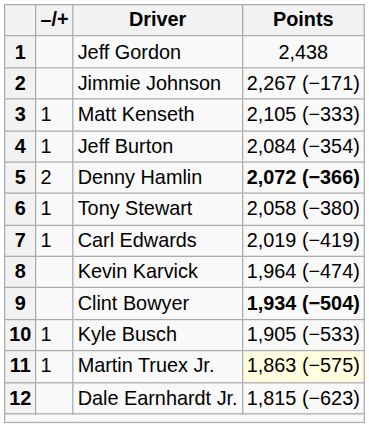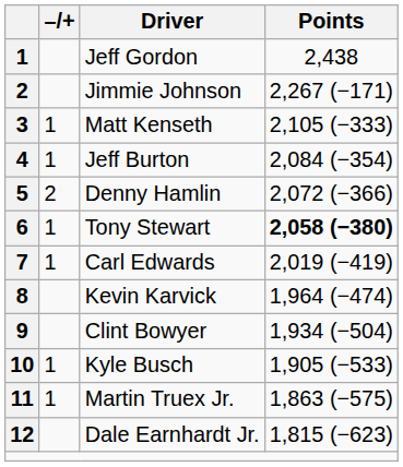 <table class="wikitable">
 <tr>
 <th scope="col"></th>
 <th scope="col">–/+</th>
 <th scope="col">Driver</th>
 <th scope="col">Points</th>
 </tr>
 <tr>
 <th scope="row"><strong>1</strong></th>
 <td align="left"></td>
 <td>Jeff Gordon</td>
 <td style="text-align:center;">2,438</td>
 </tr>
 <tr>
 <th scope="row"><strong>2</strong></th>
 <td align="left"></td>
 <td>Jimmie Johnson</td>
 <td style="text-align:center;">2,267 (−171)</td>
 </tr>
 <tr>
 <th scope="row"><strong>3</strong></th>
 <td align="left"> 1</td>
 <td>Matt Kenseth</td>
 <td style="text-align:center;">2,105 (−333)</td>
 </tr>
 <tr>
 <th scope="row"><strong>4</strong></th>
 <td align="left"> 1</td>
 <td>Jeff Burton</td>
 <td style="text-align:center;">2,084 (−354)</td>
 </tr>
 <tr>
 <th scope="row"><strong>5</strong></th>
 <td align="left"> 2</td>
 <td>Denny Hamlin</td>
-<td style="text-align:center;"><strong>2,072 (−366)</strong></td>
+<td style="text-align:center;">2,072 (−366)</td>
 </tr>
 <tr>
 <th scope="row"><strong>6</strong></th>
 <td align="left"> 1</td>
 <td>Tony Stewart</td>
-<td style="text-align:center;">2,058 (−380)</td>
+<td style="text-align:center;"><strong>2,058 (−380)</strong></td>
 </tr>
 <tr>
 <th scope="row"><strong>7</strong></th>
 <td align="left"> 1</td>
 <td>Carl Edwards</td>
 <td style="text-align:center;">2,019 (−419)</td>
 </tr>
 <tr>
 <th scope="row"><strong>8</strong></th>
 <td align="left"></td>
 <td>Kevin Karvick</td>
 <td style="text-align:center;">1,964 (−474)</td>
 </tr>
 <tr>
 <th scope="row"><strong>9</strong></th>
 <td align="left"></td>
 <td>Clint Bowyer</td>
-<td style="text-align:center;"><strong>1,934 (−504)</strong></td>
+<td style="text-align:center;">1,934 (−504)</td>
 </tr>
 <tr>
 <th scope="row"><strong>10</strong></th>
 <td align="left"> 1</td>
 <td>Kyle Busch</td>
 <td style="text-align:center;">1,905 (−533)</td>
 </tr>
 <tr>
 <th scope="row"><strong>11</strong></th>
 <td align="left"> 1</td>
 <td>Martin Truex Jr.</td>
-<td style="background: lightyellow; text-align:center;">1,863 (−575)</td>
+<td style="text-align:center;">1,863 (−575)</td>
 </tr>
 <tr>
 <th scope="row"><strong>12</strong></th>
 <td align="left"></td>
 <td>Dale Earnhardt Jr.</td>
 <td style="text-align:center;">1,815 (−623)</td>
 </tr>
 <tr class="sortbottom">
 <td colspan="9"></td>
 </tr>
 </table>
